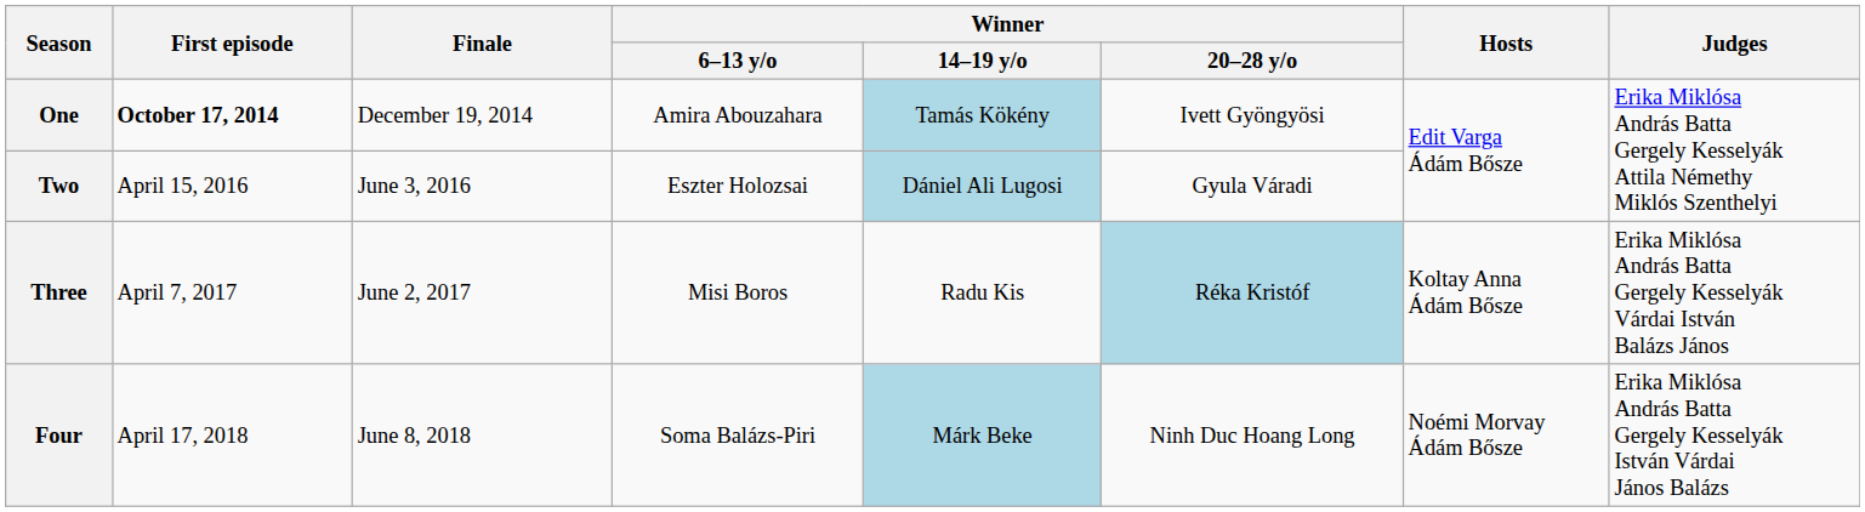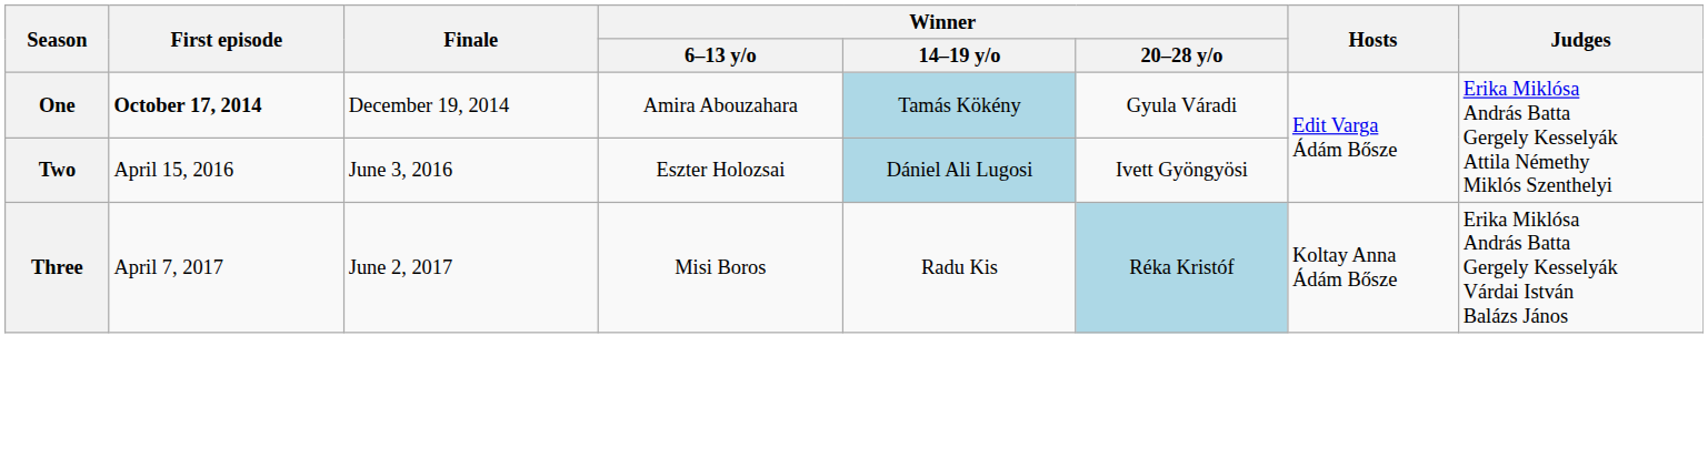 <table class="wikitable sortable" style="font-size:95%;" width="100%">
 <tr>
 <th scope="col" rowspan="2">Season</th>
 <th scope="col" rowspan="2">First episode</th>
 <th scope="col" rowspan="2">Finale</th>
 <th scope="col" colspan="3">Winner</th>
 <th scope="col" rowspan="2">Hosts</th>
 <th scope="col" rowspan="2">Judges</th>
 </tr>
 <tr>
 <th>6–13 y/o</th>
 <th>14–19 y/o</th>
 <th>20–28 y/o</th>
 </tr>
 <tr>
 <th>One</th>
 <td><strong>October 17, 2014</strong></td>
 <td>December 19, 2014</td>
 <td style="text-align:center">Amira Abouzahara</td>
 <td style="text-align:center;background:lightblue;">Tamás Kökény</td>
-<td style="text-align:center">Ivett Gyöngyösi</td>
+<td style="text-align:center">Gyula Váradi</td>
 <td rowspan="2"><a href='#'>Edit Varga</a><br>Ádám Bősze</td>
 <td rowspan="2"><a href='#'>Erika Miklósa</a><br>András Batta<br>Gergely Kesselyák<br>Attila Némethy<br>Miklós Szenthelyi</td>
 </tr>
 <tr>
 <th>Two</th>
 <td>April 15, 2016</td>
 <td>June 3, 2016</td>
 <td style="text-align:center">Eszter Holozsai</td>
 <td style="text-align:center;background:lightblue;">Dániel Ali Lugosi</td>
-<td style="text-align:center">Gyula Váradi</td>
+<td style="text-align:center">Ivett Gyöngyösi</td>
 </tr>
 <tr>
 <th>Three</th>
 <td>April 7, 2017</td>
 <td>June 2, 2017</td>
 <td style="text-align:center">Misi Boros</td>
 <td style="text-align:center">Radu Kis</td>
 <td style="text-align:center;background:lightblue;">Réka Kristóf</td>
 <td rowspan="1">Koltay Anna<br>Ádám Bősze</td>
 <td>Erika Miklósa<br>András Batta<br>Gergely Kesselyák<br>Várdai István<br>Balázs János</td>
 </tr>
-<tr>
-<th>Four</th>
-<td>April 17, 2018</td>
-<td>June 8, 2018</td>
-<td style="text-align:center">Soma Balázs-Piri</td>
-<td style="text-align:center;background:lightblue;">Márk Beke</td>
-<td style="text-align:center">Ninh Duc Hoang Long</td>
-<td rowspan="1">Noémi Morvay<br>Ádám Bősze</td>
-<td>Erika Miklósa<br>András Batta<br>Gergely Kesselyák<br>István Várdai <br>János Balázs</td>
-</tr>
 </table>
